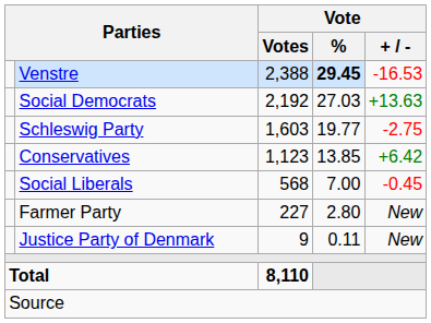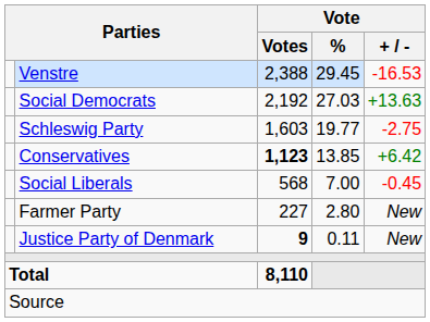 <table class="wikitable" style="text-align:right;">
 <tr>
 <th style="text-align:centre;" rowspan="2" colspan="2" width="225">Parties</th>
 <th colspan="3">Vote</th>
 </tr>
 <tr>
 <th width="15">Votes</th>
 <th width="15">%</th>
 <th width="15">+ / -</th>
 </tr>
 <tr>
 <td width="2" style="color:inherit;background:"></td>
 <td bgcolor=#cfe5fe  align="left"><a href='#'>Venstre</a></td>
 <td bgcolor=#cfe5fe>2,388</td>
-<td bgcolor=#cfe5fe><strong>29.45</strong></td>
+<td bgcolor=#cfe5fe>29.45</td>
 <td style=color:red;>-16.53</td>
 </tr>
 <tr>
 <td width="2" style="color:inherit;background:"></td>
 <td align="left"><a href='#'>Social Democrats</a></td>
 <td>2,192</td>
 <td>27.03</td>
 <td style=color:green;>+13.63</td>
 </tr>
 <tr>
 <td width="2" style="color:inherit;background:"></td>
 <td align="left"><a href='#'>Schleswig Party</a></td>
 <td>1,603</td>
 <td>19.77</td>
 <td style=color:red;>-2.75</td>
 </tr>
 <tr>
 <td width="2" style="color:inherit;background:"></td>
 <td align="left"><a href='#'>Conservatives</a></td>
-<td>1,123</td>
+<td><strong>1,123</strong></td>
 <td>13.85</td>
 <td style=color:green;>+6.42</td>
 </tr>
 <tr>
 <td width="2" style="color:inherit;background:"></td>
 <td align="left"><a href='#'>Social Liberals</a></td>
 <td>568</td>
 <td>7.00</td>
 <td style=color:red;>-0.45</td>
 </tr>
 <tr>
 <td width="2" style="color:inherit;background:"></td>
 <td align="left">Farmer Party</td>
 <td>227</td>
 <td>2.80</td>
 <td><em>New</em></td>
 </tr>
 <tr>
 <td width="2" style="color:inherit;background:"></td>
 <td align="left"><a href='#'>Justice Party of Denmark</a></td>
-<td>9</td>
+<td><strong>9</strong></td>
 <td>0.11</td>
 <td><em>New</em></td>
 </tr>
 <tr>
 <td colspan="7" bgcolor="#E9E9E9"></td>
 </tr>
 <tr>
 <td align="left" colspan="2"><strong>Total</strong></td>
 <td><strong>8,110</strong></td>
 <td bgcolor="#E9E9E9" colspan="2"></td>
 </tr>
 <tr>
 <td align="left" colspan="6">Source</td>
 </tr>
 </table>
